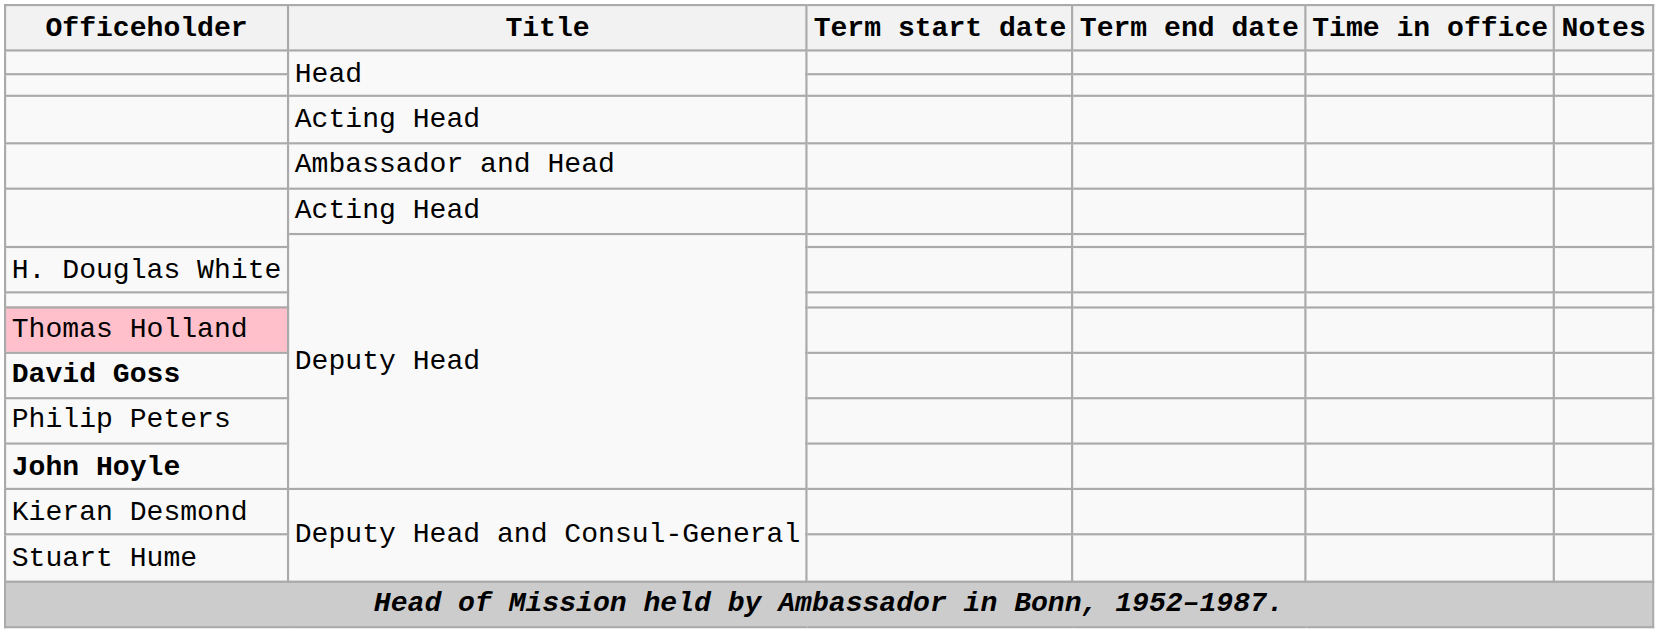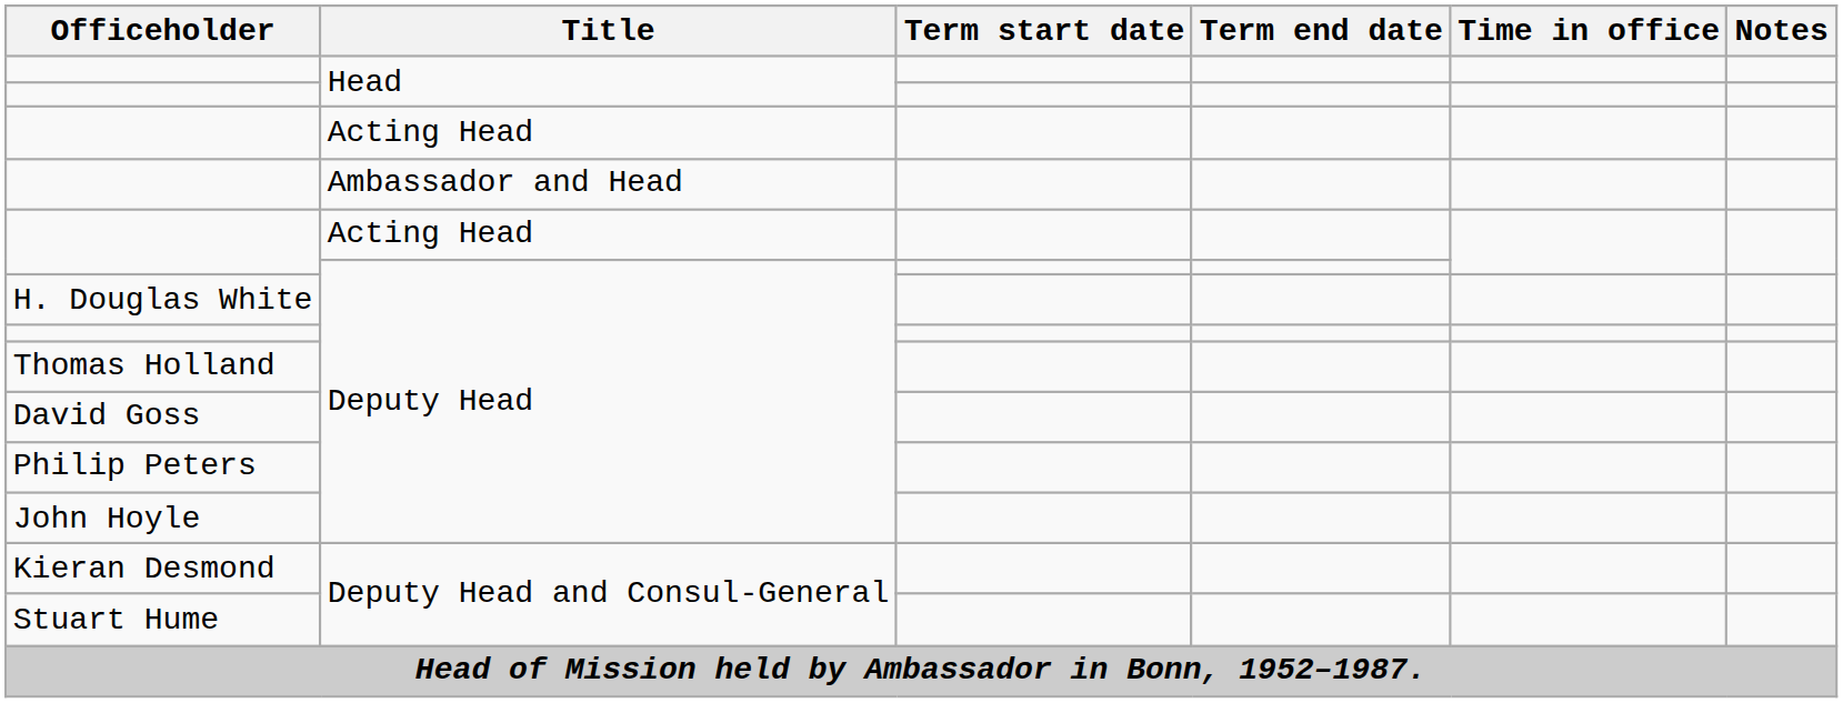 <table class='wikitable sortable'>
 <tr>
 <th>Officeholder</th>
 <th>Title</th>
 <th>Term start date</th>
 <th>Term end date</th>
 <th>Time in office</th>
 <th>Notes</th>
 </tr>
 <tr>
 <td></td>
 <td rowspan=2>Head</td>
 <td align=center></td>
 <td align=center></td>
 <td align=right></td>
 <td></td>
 </tr>
 <tr>
 <td></td>
 <td align=center></td>
 <td align=center></td>
 <td align=right></td>
 <td></td>
 </tr>
 <tr>
 <td></td>
 <td>Acting Head</td>
 <td align=center></td>
 <td align=center></td>
 <td align=right></td>
 <td></td>
 </tr>
 <tr>
 <td></td>
 <td>Ambassador and Head</td>
 <td align=center></td>
 <td align=center></td>
 <td align=right></td>
 <td></td>
 </tr>
 <tr>
 <td rowspan=2></td>
 <td>Acting Head</td>
 <td align=center></td>
 <td align=center></td>
 <td rowspan=2 align=right></td>
 <td rowspan=2></td>
 </tr>
 <tr>
 <td rowspan=7>Deputy Head</td>
 <td align=center></td>
 <td align=center></td>
 </tr>
 <tr>
 <td>H. Douglas White</td>
 <td align=center></td>
 <td align=center></td>
 <td align=right></td>
 <td></td>
 </tr>
 <tr>
 <td></td>
 <td align=center></td>
 <td align=center></td>
 <td align=right></td>
 <td></td>
 </tr>
 <tr>
-<td style="background: pink;">Thomas Holland</td>
+<td>Thomas Holland</td>
 <td align=center></td>
 <td align=center></td>
 <td align=right></td>
 <td></td>
 </tr>
 <tr>
-<td><strong>David Goss</strong></td>
+<td>David Goss</td>
 <td align=center></td>
 <td align=center></td>
 <td align=right></td>
 <td></td>
 </tr>
 <tr>
 <td>Philip Peters</td>
 <td align=center></td>
 <td align=center></td>
 <td align=right></td>
 <td></td>
 </tr>
 <tr>
-<td><strong>John Hoyle</strong></td>
+<td>John Hoyle</td>
 <td align=center></td>
 <td align=center></td>
 <td align=right></td>
 <td></td>
 </tr>
 <tr>
 <td>Kieran Desmond</td>
 <td rowspan=2>Deputy Head and Consul-General</td>
 <td align=center></td>
 <td align=center></td>
 <td align=right></td>
 <td></td>
 </tr>
 <tr>
 <td>Stuart Hume</td>
 <td align=center></td>
 <td align=center></td>
 <td align=right></td>
 <td></td>
 </tr>
 <tr>
 <th colspan=8 style="background: #cccccc;"><em>Head of Mission held by Ambassador in Bonn, 1952–1987.</em></th>
 </tr>
 </table>
